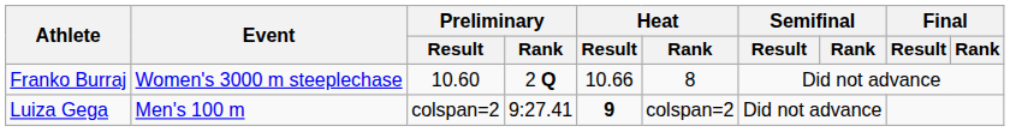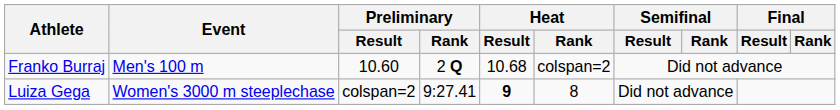 <table class="wikitable" style="font-size:90%">
 <tr>
 <th rowspan="2">Athlete</th>
 <th rowspan="2">Event</th>
 <th colspan="2">Preliminary</th>
 <th colspan="2">Heat</th>
 <th colspan="2">Semifinal</th>
 <th colspan="2">Final</th>
 </tr>
 <tr style="font-size:95%">
 <th>Result</th>
 <th>Rank</th>
 <th>Result</th>
 <th>Rank</th>
 <th>Result</th>
 <th>Rank</th>
 <th>Result</th>
 <th>Rank</th>
 </tr>
 <tr align=center>
 <td align=left><a href='#'>Franko Burraj</a></td>
-<td align=left><a href='#'>Women's 3000 m steeplechase</a></td>
+<td align=left><a href='#'>Men's 100 m</a></td>
 <td>10.60 <strong></strong></td>
 <td>2 <strong>Q</strong></td>
-<td>10.66</td>
-<td>8</td>
+<td>10.68</td>
+<td>colspan=2 </td>
 <td colspan=4>Did not advance</td>
 </tr>
 <tr align=center>
 <td align=left><a href='#'>Luiza Gega</a></td>
-<td align=left><a href='#'>Men's 100 m</a></td>
+<td align=left><a href='#'>Women's 3000 m steeplechase</a></td>
 <td>colspan=2 </td>
 <td>9:27.41</td>
 <td><strong>9</strong></td>
-<td>colspan=2 </td>
+<td>8</td>
 <td colspan=2>Did not advance</td>
 </tr>
 </table>
